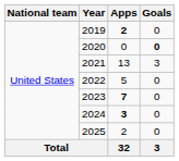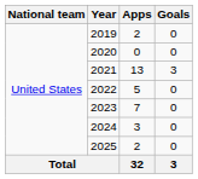 <table class=wikitable style=text-align:center>
 <tr>
 <th>National team</th>
 <th>Year</th>
 <th>Apps</th>
 <th>Goals</th>
 </tr>
 <tr>
 <td rowspan="7"><a href='#'>United States</a></td>
 <td>2019</td>
-<td><strong>2</strong></td>
+<td>2</td>
 <td>0</td>
 </tr>
 <tr>
 <td>2020</td>
 <td>0</td>
-<td><strong>0</strong></td>
+<td>0</td>
 </tr>
 <tr>
 <td>2021</td>
 <td>13</td>
 <td>3</td>
 </tr>
 <tr>
 <td>2022</td>
 <td>5</td>
 <td>0</td>
 </tr>
 <tr>
 <td>2023</td>
-<td><strong>7</strong></td>
+<td>7</td>
 <td>0</td>
 </tr>
 <tr>
 <td>2024</td>
-<td><strong>3</strong></td>
+<td>3</td>
 <td>0</td>
 </tr>
 <tr>
 <td>2025</td>
 <td>2</td>
 <td>0</td>
 </tr>
 <tr>
 <th colspan="2">Total</th>
 <th>32</th>
 <th>3</th>
 </tr>
 </table>
